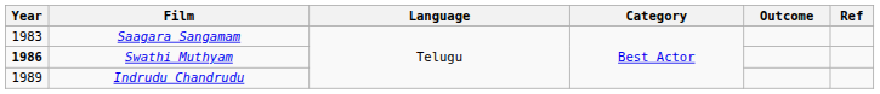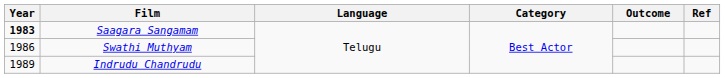 <table class="wikitable" style="width:100%;">
 <tr>
 <th width=5%>Year</th>
 <th style="width:30%;">Film</th>
 <th style="width:30%;">Language</th>
 <th style="width:20%;">Category</th>
 <th style="width:10%;">Outcome</th>
 <th style="width:5%;">Ref</th>
 </tr>
 <tr>
-<td style="text-align:center;">1983</td>
+<td style="text-align:center;"><strong>1983</strong></td>
 <td style="text-align:center;"><em><a href='#'>Saagara Sangamam</a></em></td>
 <td rowspan="3" style="text-align:center;">Telugu</td>
 <td rowspan="3" style="text-align:center;"><a href='#'>Best Actor</a></td>
 <td></td>
 <td></td>
 </tr>
 <tr>
-<td style="text-align:center;"><strong>1986</strong></td>
+<td style="text-align:center;">1986</td>
 <td style="text-align:center;"><em><a href='#'>Swathi Muthyam</a></em></td>
 <td></td>
 <td></td>
 </tr>
 <tr>
 <td style="text-align:center;">1989</td>
 <td style="text-align:center;"><em><a href='#'>Indrudu Chandrudu</a></em></td>
 <td></td>
 <td></td>
 </tr>
 </table>
